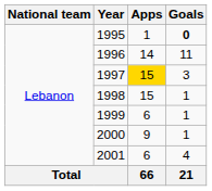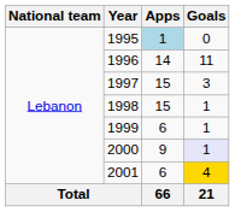 <table class="wikitable" style="text-align:center">
 <tr>
 <th>National team</th>
 <th>Year</th>
 <th>Apps</th>
 <th>Goals</th>
 </tr>
 <tr>
 <td rowspan="7"><a href='#'>Lebanon</a></td>
 <td>1995</td>
-<td>1</td>
-<td><strong>0</strong></td>
+<td style="background: lightblue;">1</td>
+<td>0</td>
 </tr>
 <tr>
 <td>1996</td>
 <td>14</td>
 <td>11</td>
 </tr>
 <tr>
 <td>1997</td>
-<td style="background: gold;">15</td>
+<td>15</td>
 <td>3</td>
 </tr>
 <tr>
 <td>1998</td>
 <td>15</td>
 <td>1</td>
 </tr>
 <tr>
 <td>1999</td>
 <td>6</td>
 <td>1</td>
 </tr>
 <tr>
 <td>2000</td>
 <td>9</td>
-<td>1</td>
+<td style="background: lavender;">1</td>
 </tr>
 <tr>
 <td>2001</td>
 <td>6</td>
-<td>4</td>
+<td style="background: gold;">4</td>
 </tr>
 <tr>
 <th colspan="2">Total</th>
 <th>66</th>
 <th>21</th>
 </tr>
 </table>
